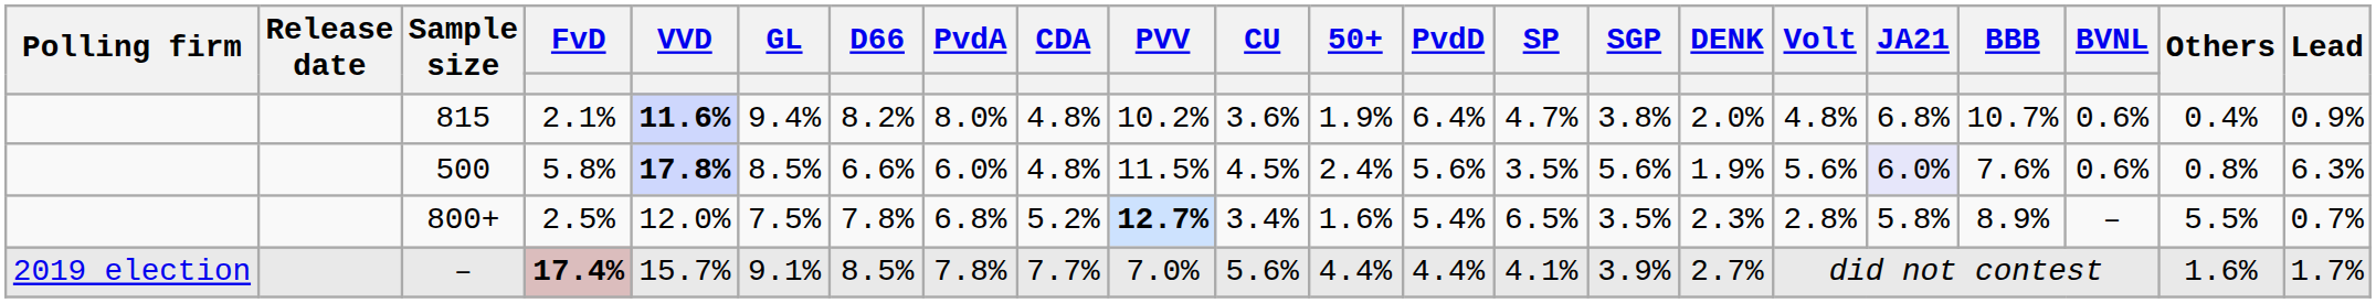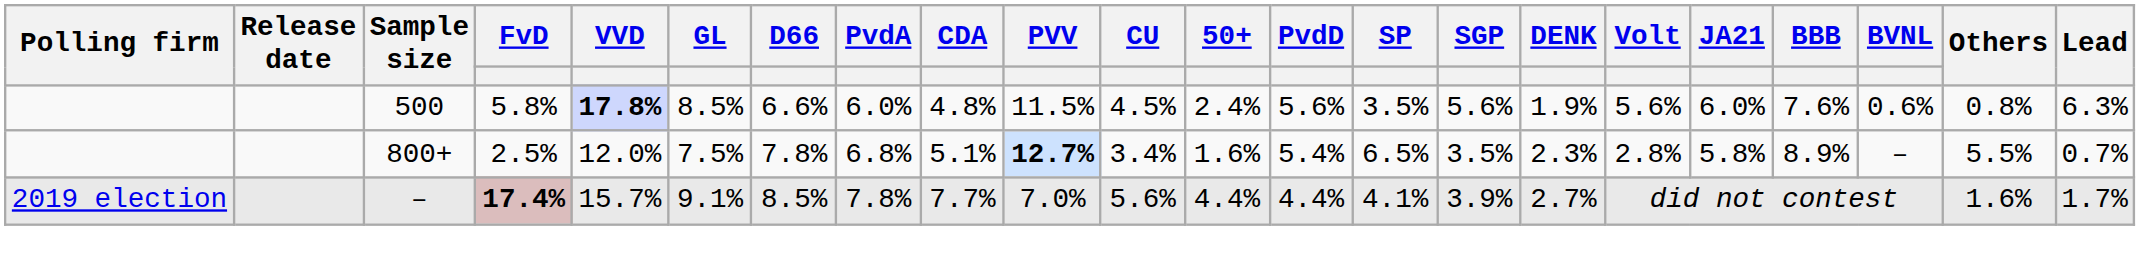 <table class="wikitable sortable tpl-blanktable" style="text-align:center;font-size:90%;line-height:14px;">
 <tr>
 <th rowspan="2">Polling firm</th>
 <th rowspan="2">Release<br>date</th>
 <th rowspan="2">Sample<br>size</th>
 <th class="unsortable" style="width:30px;"><a href='#'>FvD</a></th>
 <th class="unsortable" style="width:30px;"><a href='#'>VVD</a></th>
 <th class="unsortable" style="width:30px;"><a href='#'>GL</a></th>
 <th class="unsortable" style="width:30px;"><a href='#'>D66</a></th>
 <th class="unsortable" style="width:30px;"><a href='#'>PvdA</a></th>
 <th class="unsortable" style="width:30px;"><a href='#'>CDA</a></th>
 <th class="unsortable" style="width:30px;"><a href='#'>PVV</a></th>
 <th class="unsortable" style="width:30px;"><a href='#'>CU</a></th>
 <th class="unsortable" style="width:30px;"><a href='#'>50+</a></th>
 <th class="unsortable" style="width:30px;"><a href='#'>PvdD</a></th>
 <th class="unsortable" style="width:30px;"><a href='#'>SP</a></th>
 <th class="unsortable" style="width:30px;"><a href='#'>SGP</a></th>
 <th class="unsortable" style="width:30px;"><a href='#'>DENK</a></th>
 <th class="unsortable" style="width:30px;"><a href='#'>Volt</a></th>
 <th class="unsortable" style="width:30px;"><a href='#'>JA21</a></th>
 <th class="unsortable" style="width:30px;"><a href='#'>BBB</a></th>
 <th class="unsortable" style="width:30px;"><a href='#'>BVNL</a></th>
 <th class="unsortable" style="width:30px;" rowspan="2">Others</th>
 <th rowspan="2">Lead</th>
 </tr>
 <tr>
 <th data-sort-type="number" style="background:"></th>
 <th data-sort-type="number" style="background:"></th>
 <th data-sort-type="number" style="background:"></th>
 <th data-sort-type="number" style="background:"></th>
 <th data-sort-type="number" style="background:"></th>
 <th data-sort-type="number" style="background:"></th>
 <th data-sort-type="number" style="background:"></th>
 <th data-sort-type="number" style="background:"></th>
 <th data-sort-type="number" style="background:"></th>
 <th data-sort-type="number" style="background:"></th>
 <th data-sort-type="number" style="background:"></th>
 <th data-sort-type="number" style="background:"></th>
 <th data-sort-type="number" style="background:"></th>
 <th data-sort-type="number" style="background:"></th>
 <th data-sort-type="number" style="background:"></th>
 <th data-sort-type="number" style="background:"></th>
 <th data-sort-type="number" style="background:"></th>
 </tr>
 <tr>
 <td></td>
 <td></td>
-<td>815</td>
-<td>2.1%</td>
-<td style="background:#CED7FD;"><strong>11.6%</strong></td>
-<td>9.4%</td>
-<td>8.2%</td>
-<td>8.0%</td>
-<td>4.8%</td>
-<td>10.2%</td>
-<td>3.6%</td>
-<td>1.9%</td>
-<td>6.4%</td>
-<td>4.7%</td>
-<td>3.8%</td>
-<td>2.0%</td>
-<td>4.8%</td>
-<td>6.8%</td>
-<td>10.7%</td>
-<td>0.6%</td>
-<td>0.4%</td>
-<td style="background:">0.9%</td>
-</tr>
-<tr>
-<td></td>
-<td></td>
 <td>500</td>
 <td>5.8%</td>
 <td style="background:#CED7FD;"><strong>17.8%</strong></td>
 <td>8.5%</td>
 <td>6.6%</td>
 <td>6.0%</td>
 <td>4.8%</td>
 <td>11.5%</td>
 <td>4.5%</td>
 <td>2.4%</td>
 <td>5.6%</td>
 <td>3.5%</td>
 <td>5.6%</td>
 <td>1.9%</td>
 <td>5.6%</td>
-<td style="background: lavender;">6.0%</td>
+<td>6.0%</td>
 <td>7.6%</td>
 <td>0.6%</td>
 <td>0.8%</td>
 <td style="background:">6.3%</td>
 </tr>
 <tr>
 <td></td>
 <td></td>
 <td>800+</td>
 <td>2.5%</td>
 <td>12.0%</td>
 <td>7.5%</td>
 <td>7.8%</td>
 <td>6.8%</td>
-<td>5.2%</td>
+<td>5.1%</td>
 <td style="background:#CDE2FE;"><strong>12.7%</strong></td>
 <td>3.4%</td>
 <td>1.6%</td>
 <td>5.4%</td>
 <td>6.5%</td>
 <td>3.5%</td>
 <td>2.3%</td>
 <td>2.8%</td>
 <td>5.8%</td>
 <td>8.9%</td>
 <td>–</td>
 <td>5.5%</td>
 <td style="background:">0.7%</td>
 </tr>
 <tr style="background:#E9E9E9;">
 <td><a href='#'>2019 election</a></td>
 <td></td>
 <td>–</td>
 <td style="background:#DBBDBD;"><strong>17.4%</strong></td>
 <td>15.7%</td>
 <td>9.1%</td>
 <td>8.5%</td>
 <td>7.8%</td>
 <td>7.7%</td>
 <td>7.0%</td>
 <td>5.6%</td>
 <td>4.4%</td>
 <td>4.4%</td>
 <td>4.1%</td>
 <td>3.9%</td>
 <td>2.7%</td>
 <td colspan=4><em>did not contest</em></td>
 <td>1.6%</td>
 <td style="background:">1.7%</td>
 </tr>
 </table>
